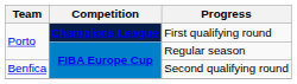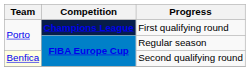 <table class="wikitable sortable">
 <tr>
 <th>Team</th>
 <th>Competition</th>
 <th>Progress</th>
 </tr>
 <tr>
 <td rowspan=2><a href='#'>Porto</a></td>
 <td rowspan="1" style="background-color:#071D49;color:#D0D3D4;text-align:center"><strong><a href='#'><span>Champions League</span></a></strong></td>
 <td>First qualifying round</td>
 </tr>
 <tr>
 <td rowspan=2 style="background-color:#0080C8;color:white;text-align:center"><strong><a href='#'><span>FIBA Europe Cup</span></a></strong></td>
 <td>Regular season</td>
 </tr>
 <tr>
-<td><a href='#'>Benfica</a></td>
+<td style="background: lightyellow;"><a href='#'>Benfica</a></td>
 <td>Second qualifying round</td>
 </tr>
 <tr>
 </tr>
 </table>
